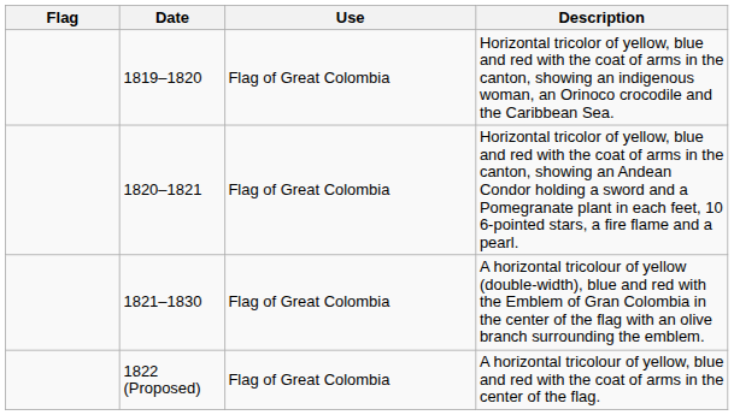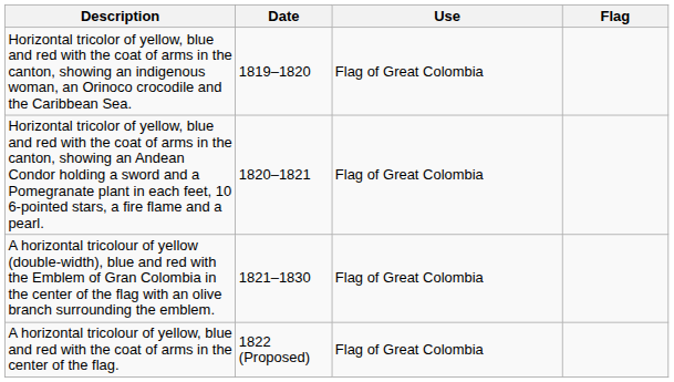 <table class="wikitable">
 <tr>
-<th style="width:110px;">Flag</th>
+<th style="width:250px;">Description</th>
 <th style="width:100px;">Date</th>
 <th style="width:250px;">Use</th>
-<th style="width:250px;">Description</th>
+<th style="width:110px;">Flag</th>
 </tr>
 <tr>
-<td></td>
+<td>Horizontal tricolor of yellow, blue and red with the coat of arms in the canton, showing an indigenous woman, an Orinoco crocodile and the Caribbean Sea.</td>
 <td>1819–1820</td>
 <td>Flag of Great Colombia</td>
-<td>Horizontal tricolor of yellow, blue and red with the coat of arms in the canton, showing an indigenous woman, an Orinoco crocodile and the Caribbean Sea.</td>
+<td></td>
 </tr>
 <tr>
-<td></td>
+<td>Horizontal tricolor of yellow, blue and red with the coat of arms in the canton, showing an Andean Condor holding a sword and a Pomegranate plant in each feet, 10 6-pointed stars, a fire flame and a pearl.</td>
 <td>1820–1821</td>
 <td>Flag of Great Colombia</td>
-<td>Horizontal tricolor of yellow, blue and red with the coat of arms in the canton, showing an Andean Condor holding a sword and a Pomegranate plant in each feet, 10 6-pointed stars, a fire flame and a pearl.</td>
+<td></td>
 </tr>
 <tr>
-<td></td>
+<td>A horizontal tricolour of yellow (double-width), blue and red with the Emblem of Gran Colombia in the center of the flag with an olive branch surrounding the emblem.</td>
 <td>1821–1830</td>
 <td>Flag of Great Colombia</td>
-<td>A horizontal tricolour of yellow (double-width), blue and red with the Emblem of Gran Colombia in the center of the flag with an olive branch surrounding the emblem.</td>
+<td></td>
 </tr>
 <tr>
-<td></td>
+<td>A horizontal tricolour of yellow, blue and red with the coat of arms in the center of the flag.</td>
 <td>1822 (Proposed)</td>
 <td>Flag of Great Colombia</td>
-<td>A horizontal tricolour of yellow, blue and red with the coat of arms in the center of the flag.</td>
+<td></td>
 </tr>
 </table>
